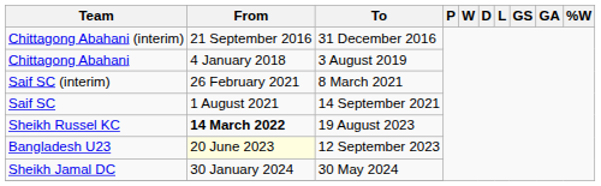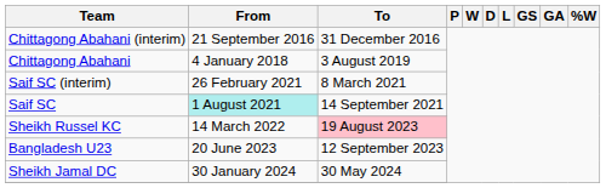 <table class="wikitable sortable" style="text-align: center">
 <tr>
 <th>Team</th>
 <th class="unsortable">From</th>
 <th class="unsortable">To</th>
 <th abbr="1">P</th>
 <th abbr="1">W</th>
 <th abbr="0">D</th>
 <th abbr="1">L</th>
 <th abbr="2">GS</th>
 <th abbr="4">GA</th>
 <th abbr="50">%W</th>
 </tr>
 <tr>
 <td align=left><a href='#'>Chittagong Abahani</a> (interim)</td>
 <td align=left>21 September 2016</td>
 <td align=left>31 December 2016<br></td>
 </tr>
 <tr>
 <td align=left><a href='#'>Chittagong Abahani</a></td>
 <td align=left>4 January 2018</td>
 <td align=left>3 August 2019<br></td>
 </tr>
 <tr>
 <td align=left><a href='#'>Saif SC</a> (interim)</td>
 <td align=left>26 February 2021</td>
 <td align=left>8 March 2021<br></td>
 </tr>
 <tr>
 <td align=left><a href='#'>Saif SC</a></td>
-<td align=left>1 August 2021</td>
+<td align=left style="background: paleturquoise;">1 August 2021</td>
 <td align=left>14 September 2021<br></td>
 </tr>
 <tr>
 <td align=left><a href='#'>Sheikh Russel KC</a></td>
-<td align=left><strong>14 March 2022</strong></td>
-<td align=left>19 August 2023<br></td>
+<td align=left>14 March 2022</td>
+<td align=left style="background: pink;">19 August 2023<br></td>
 </tr>
 <tr>
 <td align=left><a href='#'>Bangladesh U23</a></td>
-<td align=left style="background: lightyellow;">20 June 2023</td>
+<td align=left>20 June 2023</td>
 <td align=left>12 September 2023<br></td>
 </tr>
 <tr>
 <td align=left><a href='#'>Sheikh Jamal DC</a></td>
 <td align=left>30 January 2024</td>
 <td align=left>30 May 2024<br></td>
 </tr>
 <tr>
 </tr>
 </table>
